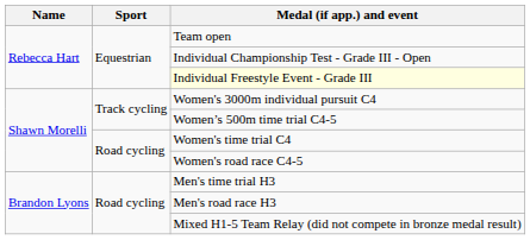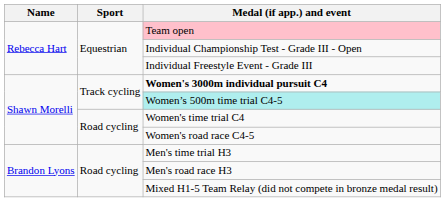 <table class="wikitable">
 <tr>
 <th>Name</th>
 <th>Sport</th>
 <th>Medal (if app.) and event</th>
 </tr>
 <tr>
 <td rowspan=3> <a href='#'>Rebecca Hart</a></td>
 <td rowspan=3>Equestrian</td>
-<td> Team open</td>
+<td style="background: pink;"> Team open</td>
 </tr>
 <tr>
 <td> Individual Championship Test - Grade III - Open</td>
 </tr>
 <tr>
-<td style="background: lightyellow;"> Individual Freestyle Event - Grade III</td>
+<td> Individual Freestyle Event - Grade III</td>
 </tr>
 <tr>
 <td rowspan=4> <a href='#'>Shawn Morelli</a></td>
 <td rowspan=2>Track cycling</td>
-<td>Women's 3000m individual pursuit C4</td>
+<td><strong>Women's 3000m individual pursuit C4</strong></td>
 </tr>
 <tr>
-<td>Women’s 500m time trial C4-5</td>
+<td style="background: paleturquoise;">Women’s 500m time trial C4-5</td>
 </tr>
 <tr>
 <td rowspan=2>Road cycling</td>
 <td>Women's time trial C4</td>
 </tr>
 <tr>
 <td>Women's road race C4-5</td>
 </tr>
 <tr>
 <td rowspan=3> <a href='#'>Brandon Lyons</a></td>
 <td rowspan=3>Road cycling</td>
 <td>Men's time trial H3</td>
 </tr>
 <tr>
 <td>Men's road race H3</td>
 </tr>
 <tr>
 <td>Mixed H1-5 Team Relay (did not compete in bronze medal result)</td>
 </tr>
 </table>
